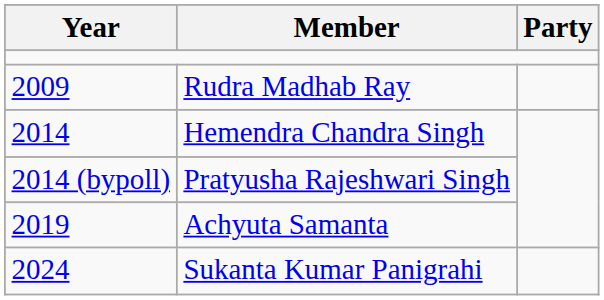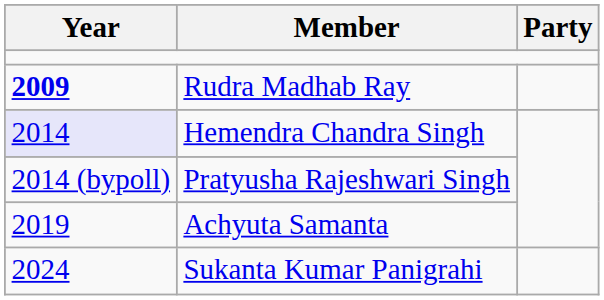 <table class="wikitable sortable">
 <tr>
 <th>Year</th>
 <th>Member</th>
 <th colspan="2">Party</th>
 </tr>
 <tr>
 <td colspan="4"></td>
 </tr>
 <tr>
-<td><a href='#'>2009</a></td>
+<td><strong><a href='#'>2009</a></strong></td>
 <td><a href='#'>Rudra Madhab Ray</a></td>
 <td></td>
 </tr>
 <tr>
-<td><a href='#'>2014</a></td>
+<td style="background: lavender;"><a href='#'>2014</a></td>
 <td><a href='#'>Hemendra Chandra Singh</a></td>
 </tr>
 <tr>
 <td><a href='#'>2014 (bypoll)</a></td>
 <td><a href='#'>Pratyusha Rajeshwari Singh</a></td>
 </tr>
 <tr>
 <td><a href='#'>2019</a></td>
 <td><a href='#'>Achyuta Samanta</a></td>
 </tr>
 <tr>
 <td><a href='#'>2024</a></td>
 <td><a href='#'>Sukanta Kumar Panigrahi</a></td>
 <td></td>
 </tr>
 </table>
